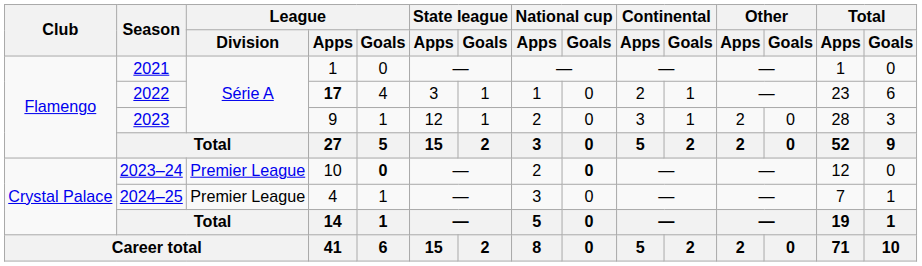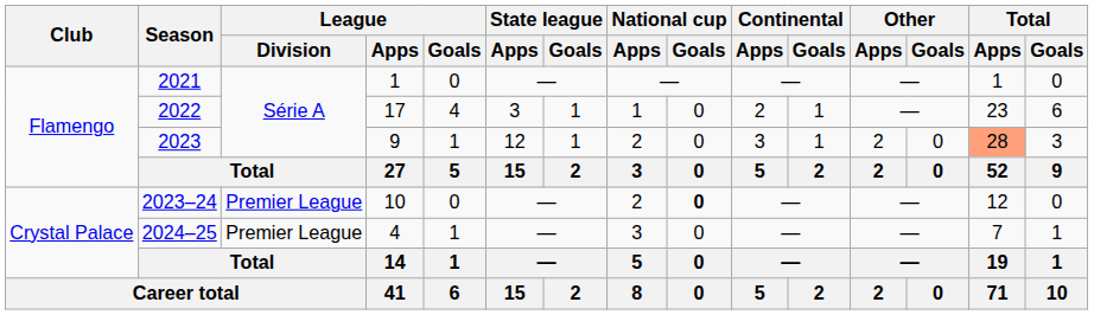 <table class="wikitable" style="text-align:center">
 <tr>
 <th rowspan="2">Club</th>
 <th rowspan="2">Season</th>
 <th colspan="3">League</th>
 <th colspan="2">State league</th>
 <th colspan="2">National cup</th>
 <th colspan="2">Continental</th>
 <th colspan="2">Other</th>
 <th colspan="2">Total</th>
 </tr>
 <tr>
 <th>Division</th>
 <th>Apps</th>
 <th>Goals</th>
 <th>Apps</th>
 <th>Goals</th>
 <th>Apps</th>
 <th>Goals</th>
 <th>Apps</th>
 <th>Goals</th>
 <th>Apps</th>
 <th>Goals</th>
 <th>Apps</th>
 <th>Goals</th>
 </tr>
 <tr>
 <td rowspan="4"><a href='#'>Flamengo</a></td>
 <td><a href='#'>2021</a></td>
 <td rowspan="3"><a href='#'>Série A</a></td>
 <td>1</td>
 <td>0</td>
 <td colspan="2">—</td>
 <td colspan="2">—</td>
 <td colspan="2">—</td>
 <td colspan="2">—</td>
 <td>1</td>
 <td>0</td>
 </tr>
 <tr>
 <td><a href='#'>2022</a></td>
-<td><strong>17</strong></td>
+<td>17</td>
 <td>4</td>
 <td>3</td>
 <td>1</td>
 <td>1</td>
 <td>0</td>
 <td>2</td>
 <td>1</td>
 <td colspan="2">—</td>
 <td>23</td>
 <td>6</td>
 </tr>
 <tr>
 <td><a href='#'>2023</a></td>
 <td>9</td>
 <td>1</td>
 <td>12</td>
 <td>1</td>
 <td>2</td>
 <td>0</td>
 <td>3</td>
 <td>1</td>
 <td>2</td>
 <td>0</td>
-<td>28</td>
+<td style="background: lightsalmon;">28</td>
 <td>3</td>
 </tr>
 <tr>
 <th colspan="2">Total</th>
 <th>27</th>
 <th>5</th>
 <th>15</th>
 <th>2</th>
 <th>3</th>
 <th>0</th>
 <th>5</th>
 <th>2</th>
 <th>2</th>
 <th>0</th>
 <th>52</th>
 <th>9</th>
 </tr>
 <tr>
 <td rowspan="3"><a href='#'>Crystal Palace</a></td>
 <td><a href='#'>2023–24</a></td>
 <td><a href='#'>Premier League</a></td>
 <td>10</td>
-<td><strong>0</strong></td>
+<td>0</td>
 <td colspan="2">—</td>
 <td>2</td>
 <td><strong>0</strong></td>
 <td colspan="2">—</td>
 <td colspan="2">—</td>
 <td>12</td>
 <td>0</td>
 </tr>
 <tr>
 <td><a href='#'>2024–25</a></td>
 <td>Premier League</td>
 <td>4</td>
 <td>1</td>
 <td colspan="2">—</td>
 <td>3</td>
 <td>0</td>
 <td colspan="2">—</td>
 <td colspan="2">—</td>
 <td>7</td>
 <td>1</td>
 </tr>
 <tr>
 <th colspan="2">Total</th>
 <th>14</th>
 <th>1</th>
 <th colspan="2">—</th>
 <th>5</th>
 <th>0</th>
 <th colspan="2">—</th>
 <th colspan="2">—</th>
 <th>19</th>
 <th>1</th>
 </tr>
 <tr>
 <th colspan="3">Career total</th>
 <th>41</th>
 <th>6</th>
 <th>15</th>
 <th>2</th>
 <th>8</th>
 <th>0</th>
 <th>5</th>
 <th>2</th>
 <th>2</th>
 <th>0</th>
 <th>71</th>
 <th>10</th>
 </tr>
 </table>
